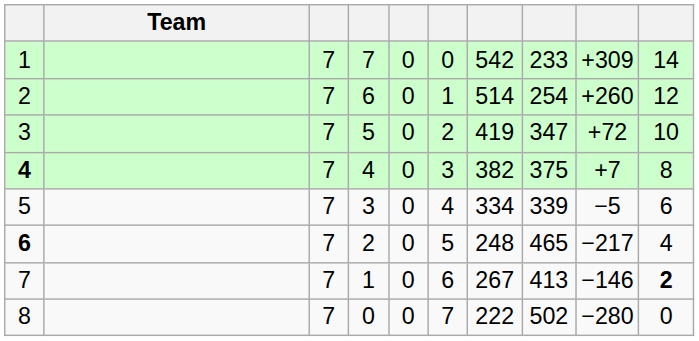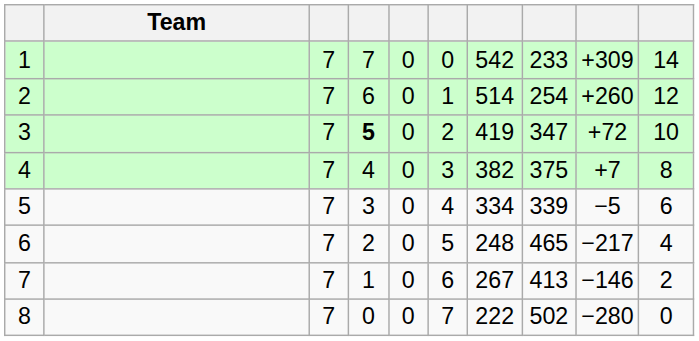 <table class=wikitable style=text-align:center>
 <tr>
 <th width=20 abbr=Position></th>
 <th width=175>Team</th>
 <th width=20 abbr=Played></th>
 <th width=20 abbr=Won></th>
 <th width=20 abbr=Drawn></th>
 <th width=20 abbr=Lost></th>
 <th width=30 abbr=Goal for></th>
 <th width=30 abbr=Goal against></th>
 <th width=30 abbr=Goal difference></th>
 <th width=30 abbr=Points></th>
 </tr>
 <tr style="background:#ccffcc;">
 <td>1</td>
 <td align=left></td>
 <td>7</td>
 <td>7</td>
 <td>0</td>
 <td>0</td>
 <td>542</td>
 <td>233</td>
 <td>+309</td>
 <td>14</td>
 </tr>
 <tr style="background:#ccffcc;">
 <td>2</td>
 <td align=left></td>
 <td>7</td>
 <td>6</td>
 <td>0</td>
 <td>1</td>
 <td>514</td>
 <td>254</td>
 <td>+260</td>
 <td>12</td>
 </tr>
 <tr style="background:#ccffcc;">
 <td>3</td>
 <td align=left></td>
 <td>7</td>
-<td>5</td>
+<td><strong>5</strong></td>
 <td>0</td>
 <td>2</td>
 <td>419</td>
 <td>347</td>
 <td>+72</td>
 <td>10</td>
 </tr>
 <tr style="background:#ccffcc;">
-<td><strong>4</strong></td>
+<td>4</td>
 <td align=left></td>
 <td>7</td>
 <td>4</td>
 <td>0</td>
 <td>3</td>
 <td>382</td>
 <td>375</td>
 <td>+7</td>
 <td>8</td>
 </tr>
 <tr>
 <td>5</td>
 <td align=left></td>
 <td>7</td>
 <td>3</td>
 <td>0</td>
 <td>4</td>
 <td>334</td>
 <td>339</td>
 <td>−5</td>
 <td>6</td>
 </tr>
 <tr>
-<td><strong>6</strong></td>
+<td>6</td>
 <td align=left></td>
 <td>7</td>
 <td>2</td>
 <td>0</td>
 <td>5</td>
 <td>248</td>
 <td>465</td>
 <td>−217</td>
 <td>4</td>
 </tr>
 <tr>
 <td>7</td>
 <td align=left></td>
 <td>7</td>
 <td>1</td>
 <td>0</td>
 <td>6</td>
 <td>267</td>
 <td>413</td>
 <td>−146</td>
-<td><strong>2</strong></td>
+<td>2</td>
 </tr>
 <tr>
 <td>8</td>
 <td align=left></td>
 <td>7</td>
 <td>0</td>
 <td>0</td>
 <td>7</td>
 <td>222</td>
 <td>502</td>
 <td>−280</td>
 <td>0</td>
 </tr>
 </table>
